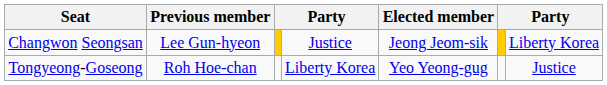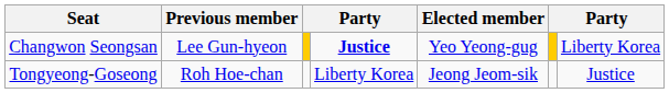 <table class="wikitable sortable" style="text-align:center">
 <tr style="text-align:center">
 <th>Seat</th>
 <th>Previous member</th>
 <th colspan="2">Party</th>
 <th>Elected member</th>
 <th colspan="2">Party</th>
 </tr>
 <tr>
 <td><a href='#'>Changwon</a> <a href='#'>Seongsan</a></td>
 <td><a href='#'>Lee Gun-hyeon</a></td>
 <td style="background-color:#FFCC00"></td>
-<td><a href='#'>Justice</a></td>
-<td><a href='#'>Jeong Jeom-sik</a></td>
+<td><strong><a href='#'>Justice</a></strong></td>
+<td><a href='#'>Yeo Yeong-gug</a></td>
 <td style="background-color:#FFCC00"></td>
 <td><a href='#'>Liberty Korea</a></td>
 </tr>
 <tr>
 <td><a href='#'>Tongyeong</a>-<a href='#'>Goseong</a></td>
 <td><a href='#'>Roh Hoe-chan</a></td>
 <td style="background-color:"></td>
 <td><a href='#'>Liberty Korea</a></td>
-<td><a href='#'>Yeo Yeong-gug</a></td>
+<td><a href='#'>Jeong Jeom-sik</a></td>
 <td style="background-color:"></td>
 <td><a href='#'>Justice</a></td>
 </tr>
 <tr>
 </tr>
 </table>
